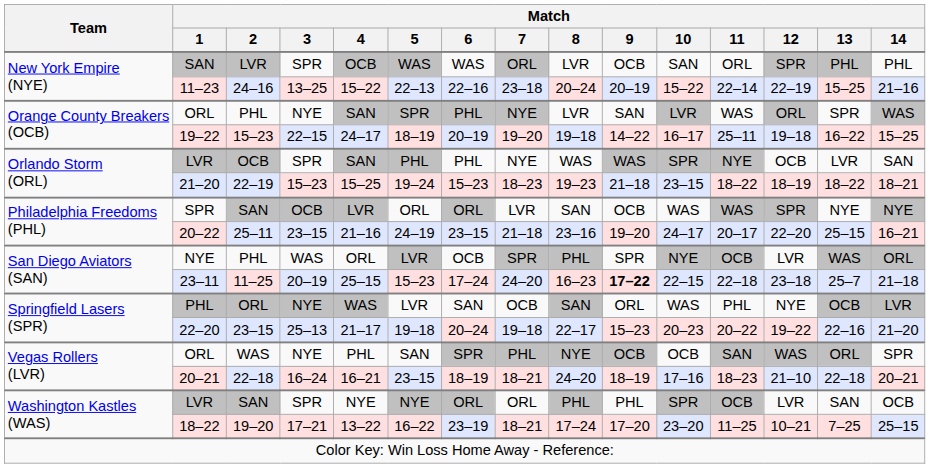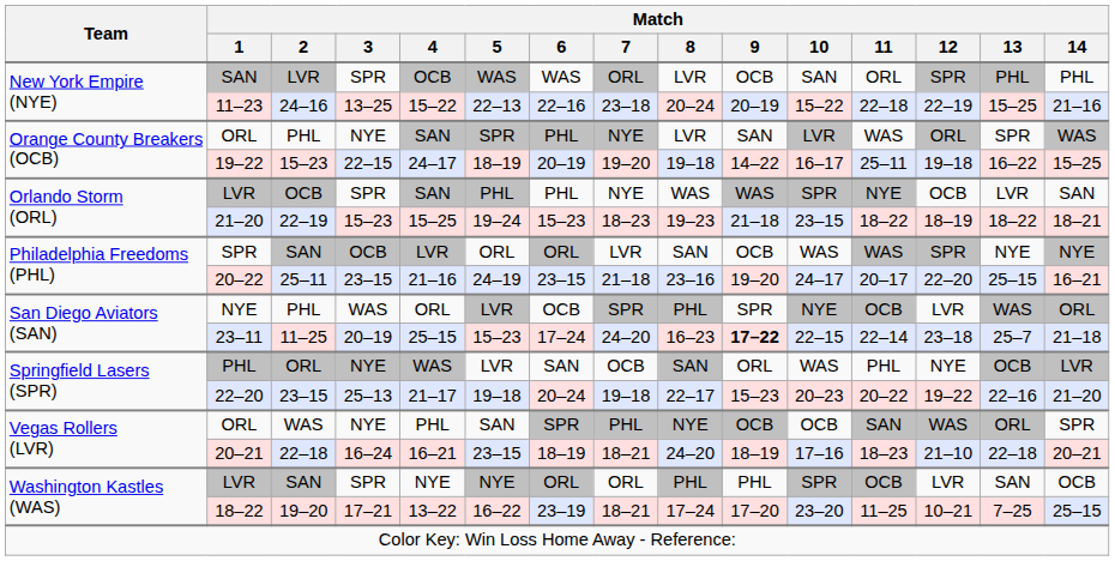 <table class="wikitable" style=text-align:center;font-size:97%>
 <tr>
 <th rowspan="2">Team</th>
 <th colspan="14">Match</th>
 </tr>
 <tr style="background-color:#CCCCCC">
 <th width=50>1</th>
 <th width=50>2</th>
 <th width=50>3</th>
 <th width=50>4</th>
 <th width=50>5</th>
 <th width=50>6</th>
 <th width=50>7</th>
 <th width=50>8</th>
 <th width=50>9</th>
 <th width=50>10</th>
 <th width=50>11</th>
 <th width=50>12</th>
 <th width=50>13</th>
 <th width=50>14<br></th>
 </tr>
 <tr style="border-top:2px solid gray;">
 <td rowspan="2" align="left"><a href='#'>New York Empire</a> <br> (NYE)</td>
 <td bgcolor=#C0C0C0>SAN</td>
 <td bgcolor=#C0C0C0>LVR</td>
 <td>SPR</td>
 <td bgcolor=#C0C0C0>OCB</td>
 <td bgcolor=#C0C0C0>WAS</td>
 <td>WAS</td>
 <td bgcolor=#C0C0C0>ORL</td>
 <td>LVR</td>
 <td>OCB</td>
 <td>SAN</td>
 <td>ORL</td>
 <td bgcolor=#C0C0C0>SPR</td>
 <td bgcolor=#C0C0C0>PHL</td>
 <td>PHL</td>
 </tr>
 <tr>
 <td bgcolor=#FFDFDF>11–23</td>
 <td bgcolor=#DFE7FF>24–16</td>
 <td bgcolor=#FFDFDF>13–25</td>
 <td bgcolor=#FFDFDF>15–22</td>
 <td bgcolor=#DFE7FF>22–13</td>
 <td bgcolor=#DFE7FF>22–16</td>
 <td bgcolor=#DFE7FF>23–18</td>
 <td bgcolor=#FFDFDF>20–24</td>
 <td bgcolor=#DFE7FF>20–19</td>
 <td bgcolor=#FFDFDF>15–22</td>
-<td bgcolor=#DFE7FF>22–14</td>
+<td bgcolor=#DFE7FF>22–18</td>
 <td bgcolor=#DFE7FF>22–19</td>
 <td bgcolor=#FFDFDF>15–25</td>
 <td bgcolor=#DFE7FF>21–16</td>
 </tr>
 <tr style="border-top:2px solid gray;">
 <td rowspan="2" align="left"><a href='#'>Orange County Breakers</a> <br> (OCB)</td>
 <td>ORL</td>
 <td>PHL</td>
 <td>NYE</td>
 <td bgcolor=#C0C0C0>SAN</td>
 <td bgcolor=#C0C0C0>SPR</td>
 <td bgcolor=#C0C0C0>PHL</td>
 <td bgcolor=#C0C0C0>NYE</td>
 <td>LVR</td>
 <td>SAN</td>
 <td bgcolor=#C0C0C0>LVR</td>
 <td>WAS</td>
 <td bgcolor=#C0C0C0>ORL</td>
 <td>SPR</td>
 <td bgcolor=#C0C0C0>WAS</td>
 </tr>
 <tr>
 <td bgcolor=#FFDFDF>19–22</td>
 <td bgcolor=#FFDFDF>15–23</td>
 <td bgcolor=#DFE7FF>22–15</td>
 <td bgcolor=#DFE7FF>24–17</td>
 <td bgcolor=#FFDFDF>18–19</td>
 <td bgcolor=#DFE7FF>20–19</td>
 <td bgcolor=#FFDFDF>19–20</td>
 <td bgcolor=#DFE7FF>19–18</td>
 <td bgcolor=#FFDFDF>14–22</td>
 <td bgcolor=#FFDFDF>16–17</td>
 <td bgcolor=#DFE7FF>25–11</td>
 <td bgcolor=#DFE7FF>19–18</td>
 <td bgcolor=#FFDFDF>16–22</td>
 <td bgcolor=#FFDFDF>15–25</td>
 </tr>
 <tr style="border-top:2px solid gray;">
 <td rowspan="2" align="left"><a href='#'>Orlando Storm</a> <br> (ORL)</td>
 <td bgcolor=#C0C0C0>LVR</td>
 <td bgcolor=#C0C0C0>OCB</td>
 <td>SPR</td>
 <td bgcolor=#C0C0C0>SAN</td>
 <td bgcolor=#C0C0C0>PHL</td>
 <td>PHL</td>
 <td>NYE</td>
 <td>WAS</td>
 <td bgcolor=#C0C0C0>WAS</td>
 <td bgcolor=#C0C0C0>SPR</td>
 <td bgcolor=#C0C0C0>NYE</td>
 <td>OCB</td>
 <td>LVR</td>
 <td>SAN</td>
 </tr>
 <tr>
 <td bgcolor=#DFE7FF>21–20</td>
 <td bgcolor=#DFE7FF>22–19</td>
 <td bgcolor=#FFDFDF>15–23</td>
 <td bgcolor=#FFDFDF>15–25</td>
 <td bgcolor=#FFDFDF>19–24</td>
 <td bgcolor=#FFDFDF>15–23</td>
 <td bgcolor=#FFDFDF>18–23</td>
 <td bgcolor=#FFDFDF>19–23</td>
 <td bgcolor=#DFE7FF>21–18</td>
 <td bgcolor=#DFE7FF>23–15</td>
 <td bgcolor=#FFDFDF>18–22</td>
 <td bgcolor=#FFDFDF>18–19</td>
 <td bgcolor=#FFDFDF>18–22</td>
 <td bgcolor=#FFDFDF>18–21</td>
 </tr>
 <tr style="border-top:2px solid gray;">
 <td rowspan="2" align="left"><a href='#'>Philadelphia Freedoms</a> <br> (PHL)</td>
 <td>SPR</td>
 <td bgcolor=#C0C0C0>SAN</td>
 <td bgcolor=#C0C0C0>OCB</td>
 <td bgcolor=#C0C0C0>LVR</td>
 <td>ORL</td>
 <td bgcolor=#C0C0C0>ORL</td>
 <td>LVR</td>
 <td>SAN</td>
 <td>OCB</td>
 <td>WAS</td>
 <td bgcolor=#C0C0C0>WAS</td>
 <td bgcolor=#C0C0C0>SPR</td>
 <td>NYE</td>
 <td bgcolor=#C0C0C0>NYE</td>
 </tr>
 <tr>
 <td bgcolor=#FFDFDF>20–22</td>
 <td bgcolor=#DFE7FF>25–11</td>
 <td bgcolor=#DFE7FF>23–15</td>
 <td bgcolor=#DFE7FF>21–16</td>
 <td bgcolor=#DFE7FF>24–19</td>
 <td bgcolor=#DFE7FF>23–15</td>
 <td bgcolor=#DFE7FF>21–18</td>
 <td bgcolor=#DFE7FF>23–16</td>
 <td bgcolor=#FFDFDF>19–20</td>
 <td bgcolor=#DFE7FF>24–17</td>
 <td bgcolor=#DFE7FF>20–17</td>
 <td bgcolor=#DFE7FF>22–20</td>
 <td bgcolor=#DFE7FF>25–15</td>
 <td bgcolor=#FFDFDF>16–21</td>
 </tr>
 <tr style="border-top:2px solid gray;">
 <td rowspan="2" align="left"><a href='#'>San Diego Aviators</a> <br> (SAN)</td>
 <td>NYE</td>
 <td>PHL</td>
 <td>WAS</td>
 <td>ORL</td>
 <td bgcolor=#C0C0C0>LVR</td>
 <td>OCB</td>
 <td bgcolor=#C0C0C0>SPR</td>
 <td bgcolor=#C0C0C0>PHL</td>
 <td>SPR</td>
 <td bgcolor=#C0C0C0>NYE</td>
 <td bgcolor=#C0C0C0>OCB</td>
 <td>LVR</td>
 <td bgcolor=#C0C0C0>WAS</td>
 <td bgcolor=#C0C0C0>ORL</td>
 </tr>
 <tr>
 <td bgcolor=#DFE7FF>23–11</td>
 <td bgcolor=#FFDFDF>11–25</td>
 <td bgcolor=#DFE7FF>20–19</td>
 <td bgcolor=#DFE7FF>25–15</td>
 <td bgcolor=#FFDFDF>15–23</td>
 <td bgcolor=#FFDFDF>17–24</td>
 <td bgcolor=#DFE7FF>24–20</td>
 <td bgcolor=#FFDFDF>16–23</td>
 <td bgcolor=#FFDFDF><strong>17–22</strong></td>
 <td bgcolor=#DFE7FF>22–15</td>
-<td bgcolor=#DFE7FF>22–18</td>
+<td bgcolor=#DFE7FF>22–14</td>
 <td bgcolor=#DFE7FF>23–18</td>
 <td bgcolor=#DFE7FF>25–7</td>
 <td bgcolor=#DFE7FF>21–18</td>
 </tr>
 <tr style="border-top:2px solid gray;">
 <td rowspan="2" align="left"><a href='#'>Springfield Lasers</a> <br> (SPR)</td>
 <td bgcolor=#C0C0C0>PHL</td>
 <td bgcolor=#C0C0C0>ORL</td>
 <td bgcolor=#C0C0C0>NYE</td>
 <td bgcolor=#C0C0C0>WAS</td>
 <td>LVR</td>
 <td>SAN</td>
 <td>OCB</td>
 <td bgcolor=#C0C0C0>SAN</td>
 <td>ORL</td>
 <td>WAS</td>
 <td>PHL</td>
 <td>NYE</td>
 <td bgcolor=#C0C0C0>OCB</td>
 <td bgcolor=#C0C0C0>LVR</td>
 </tr>
 <tr>
 <td bgcolor=#DFE7FF>22–20</td>
 <td bgcolor=#DFE7FF>23–15</td>
 <td bgcolor=#DFE7FF>25–13</td>
 <td bgcolor=#DFE7FF>21–17</td>
 <td bgcolor=#DFE7FF>19–18</td>
 <td bgcolor=#FFDFDF>20–24</td>
 <td bgcolor=#DFE7FF>19–18</td>
 <td bgcolor=#DFE7FF>22–17</td>
 <td bgcolor=#FFDFDF>15–23</td>
 <td bgcolor=#FFDFDF>20–23</td>
 <td bgcolor=#FFDFDF>20–22</td>
 <td bgcolor=#FFDFDF>19–22</td>
 <td bgcolor=#DFE7FF>22–16</td>
 <td bgcolor=#DFE7FF>21–20</td>
 </tr>
 <tr style="border-top:2px solid gray;">
 <td rowspan="2" align="left"><a href='#'>Vegas Rollers</a> <br> (LVR)</td>
 <td>ORL</td>
 <td>WAS</td>
 <td>NYE</td>
 <td>PHL</td>
 <td>SAN</td>
 <td bgcolor=#C0C0C0>SPR</td>
 <td bgcolor=#C0C0C0>PHL</td>
 <td bgcolor=#C0C0C0>NYE</td>
 <td bgcolor=#C0C0C0>OCB</td>
 <td>OCB</td>
 <td bgcolor=#C0C0C0>SAN</td>
 <td bgcolor=#C0C0C0>WAS</td>
 <td bgcolor=#C0C0C0>ORL</td>
 <td>SPR</td>
 </tr>
 <tr>
 <td bgcolor=#FFDFDF>20–21</td>
 <td bgcolor=#DFE7FF>22–18</td>
 <td bgcolor=#FFDFDF>16–24</td>
 <td bgcolor=#FFDFDF>16–21</td>
 <td bgcolor=#DFE7FF>23–15</td>
 <td bgcolor=#FFDFDF>18–19</td>
 <td bgcolor=#FFDFDF>18–21</td>
 <td bgcolor=#DFE7FF>24–20</td>
 <td bgcolor=#FFDFDF>18–19</td>
 <td bgcolor=#DFE7FF>17–16</td>
 <td bgcolor=#FFDFDF>18–23</td>
 <td bgcolor=#DFE7FF>21–10</td>
 <td bgcolor=#DFE7FF>22–18</td>
 <td bgcolor=#FFDFDF>20–21</td>
 </tr>
 <tr style="border-top:2px solid gray;">
 <td rowspan="2" align="left"><a href='#'>Washington Kastles</a> <br> (WAS)</td>
 <td bgcolor=#C0C0C0>LVR</td>
 <td bgcolor=#C0C0C0>SAN</td>
 <td>SPR</td>
 <td>NYE</td>
 <td bgcolor=#C0C0C0>NYE</td>
 <td bgcolor=#C0C0C0>ORL</td>
 <td>ORL</td>
 <td bgcolor=#C0C0C0>PHL</td>
 <td>PHL</td>
 <td bgcolor=#C0C0C0>SPR</td>
 <td bgcolor=#C0C0C0>OCB</td>
 <td>LVR</td>
 <td>SAN</td>
 <td>OCB</td>
 </tr>
 <tr>
 <td bgcolor=#FFDFDF>18–22</td>
 <td bgcolor=#FFDFDF>19–20</td>
 <td bgcolor=#FFDFDF>17–21</td>
 <td bgcolor=#FFDFDF>13–22</td>
 <td bgcolor=#FFDFDF>16–22</td>
 <td bgcolor=#DFE7FF>23–19</td>
 <td bgcolor=#FFDFDF>18–21</td>
 <td bgcolor=#FFDFDF>17–24</td>
 <td bgcolor=#FFDFDF>17–20</td>
 <td bgcolor=#DFE7FF>23–20</td>
 <td bgcolor=#FFDFDF>11–25</td>
 <td bgcolor=#FFDFDF>10–21</td>
 <td bgcolor=#FFDFDF>7–25</td>
 <td bgcolor=#DFE7FF>25–15</td>
 </tr>
 <tr style="border-top:2px solid gray;">
 <td colspan="15">Color Key: <span>Win</span>  <span>Loss</span>  <span>Home</span>  <span>Away</span> - Reference:</td>
 </tr>
 </table>
